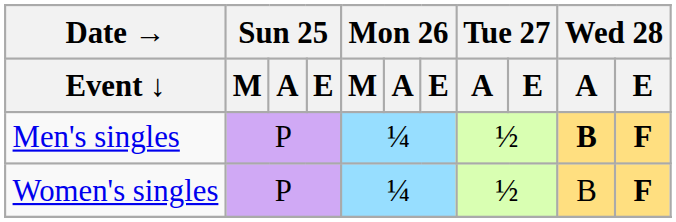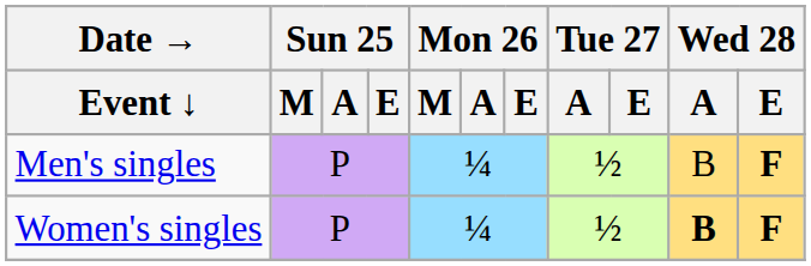 <table class="wikitable" style="margin:0.5em auto; font-size:90%; line-height:1.25em;">
 <tr style="text-align:center;">
 <th>Date →</th>
 <th colspan="3">Sun 25</th>
 <th colspan="3">Mon 26</th>
 <th colspan="2">Tue 27</th>
 <th colspan="2">Wed 28</th>
 </tr>
 <tr>
 <th>Event   ↓</th>
 <th>M</th>
 <th>A</th>
 <th>E</th>
 <th>M</th>
 <th>A</th>
 <th>E</th>
 <th>A</th>
 <th>E</th>
 <th>A</th>
 <th>E</th>
 </tr>
 <tr style="text-align:center;">
 <td style="text-align:left;"><a href='#'>Men's singles</a></td>
 <td colspan="3" style="background-color:#D0A9F5">P</td>
 <td colspan="3" style="background-color:#97DEFF">¼</td>
 <td colspan="2" style="background-color:#D9FFB2;">½</td>
-<td style="background-color:#FFDF80;"><strong>B</strong></td>
+<td style="background-color:#FFDF80;">B</td>
 <td style="background-color:#FFDF80;"><strong>F</strong></td>
 </tr>
 <tr style="text-align:center;">
 <td style="text-align:left;"><a href='#'>Women's singles</a></td>
 <td colspan="3" style="background-color:#D0A9F5">P</td>
 <td colspan="3" style="background-color:#97DEFF">¼</td>
 <td colspan="2" style="background-color:#D9FFB2;">½</td>
-<td style="background-color:#FFDF80;">B</td>
+<td style="background-color:#FFDF80;"><strong>B</strong></td>
 <td style="background-color:#FFDF80;"><strong>F</strong></td>
 </tr>
 <tr>
 </tr>
 </table>
